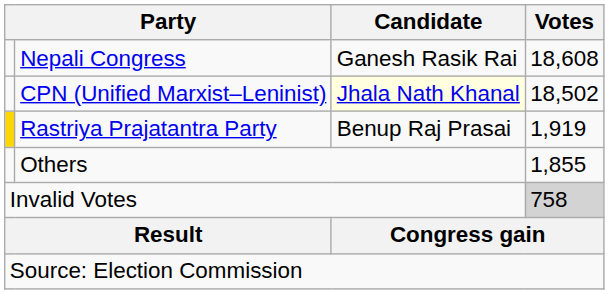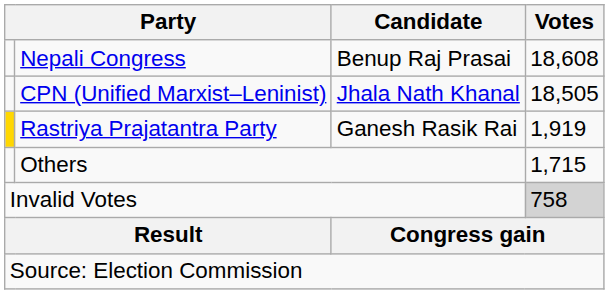 <table class="wikitable">
 <tr>
 <th colspan="2">Party</th>
 <th>Candidate</th>
 <th>Votes</th>
 </tr>
 <tr>
 <td style="background-color:"></td>
 <td><a href='#'>Nepali Congress</a></td>
-<td>Ganesh Rasik Rai</td>
+<td>Benup Raj Prasai</td>
 <td>18,608</td>
 </tr>
 <tr>
 <td style="background-color:"></td>
 <td><a href='#'>CPN (Unified Marxist–Leninist)</a></td>
-<td style="background: lightyellow;"><a href='#'>Jhala Nath Khanal</a></td>
-<td>18,502</td>
+<td><a href='#'>Jhala Nath Khanal</a></td>
+<td>18,505</td>
 </tr>
 <tr>
 <td style="background-color:gold"></td>
 <td><a href='#'>Rastriya Prajatantra Party</a></td>
-<td>Benup Raj Prasai</td>
+<td>Ganesh Rasik Rai</td>
 <td>1,919</td>
 </tr>
 <tr>
 <td></td>
 <td colspan="2">Others</td>
-<td>1,855</td>
+<td>1,715</td>
 </tr>
 <tr>
 <td colspan="3">Invalid Votes</td>
 <td style="background: lightgrey;">758</td>
 </tr>
 <tr>
 <th colspan="2">Result</th>
 <th colspan="2">Congress gain</th>
 </tr>
 <tr>
 <td colspan="4">Source: Election Commission</td>
 </tr>
 </table>
